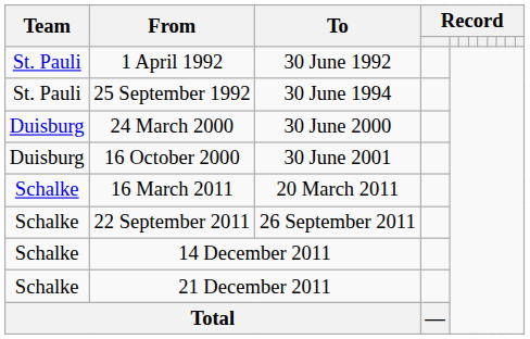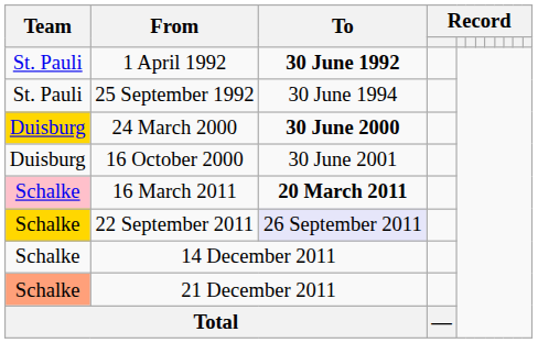 <table class="wikitable" style="text-align: center">
 <tr>
 <th rowspan="2">Team</th>
 <th rowspan="2">From</th>
 <th rowspan="2">To</th>
 <th colspan="9">Record</th>
 </tr>
 <tr>
 <th></th>
 <th></th>
 <th></th>
 <th></th>
 <th></th>
 <th></th>
 <th></th>
 <th></th>
 <th></th>
 </tr>
 <tr>
 <td><a href='#'>St. Pauli</a></td>
 <td>1 April 1992</td>
-<td>30 June 1992<br></td>
+<td><strong>30 June 1992<br></strong></td>
 <td></td>
 </tr>
 <tr>
 <td>St. Pauli</td>
 <td>25 September 1992</td>
 <td>30 June 1994<br></td>
 <td></td>
 </tr>
 <tr>
-<td><a href='#'>Duisburg</a></td>
+<td style="background: gold;"><a href='#'>Duisburg</a></td>
 <td>24 March 2000</td>
-<td>30 June 2000<br></td>
+<td><strong>30 June 2000<br></strong></td>
 <td></td>
 </tr>
 <tr>
 <td>Duisburg</td>
 <td>16 October 2000</td>
 <td>30 June 2001<br></td>
 <td></td>
 </tr>
 <tr>
-<td><a href='#'>Schalke</a></td>
+<td style="background: pink;"><a href='#'>Schalke</a></td>
 <td>16 March 2011</td>
-<td>20 March 2011<br></td>
+<td><strong>20 March 2011<br></strong></td>
 <td></td>
 </tr>
 <tr>
-<td>Schalke</td>
+<td style="background: gold;">Schalke</td>
 <td>22 September 2011</td>
-<td>26 September 2011<br></td>
+<td style="background: lavender;">26 September 2011<br></td>
 <td></td>
 </tr>
 <tr>
 <td>Schalke</td>
 <td colspan="2">14 December 2011<br></td>
 <td></td>
 </tr>
 <tr>
-<td>Schalke</td>
+<td style="background: lightsalmon;">Schalke</td>
 <td colspan="2">21 December 2011<br></td>
 <td></td>
 </tr>
 <tr>
 <th colspan="3">Total<br></th>
 <th>—</th>
 </tr>
 </table>
